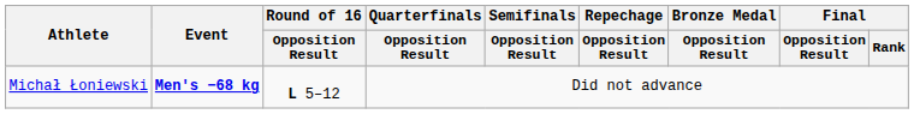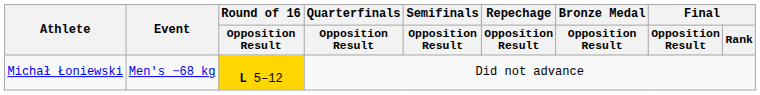 <table class="wikitable" style="font-size:90%">
 <tr>
 <th rowspan="2">Athlete</th>
 <th rowspan="2">Event</th>
 <th>Round of 16</th>
 <th>Quarterfinals</th>
 <th>Semifinals</th>
 <th>Repechage</th>
 <th>Bronze Medal</th>
 <th colspan=2>Final</th>
 </tr>
 <tr style="font-size:95%">
 <th>Opposition<br>Result</th>
 <th>Opposition<br>Result</th>
 <th>Opposition<br>Result</th>
 <th>Opposition<br>Result</th>
 <th>Opposition<br>Result</th>
 <th>Opposition<br>Result</th>
 <th>Rank</th>
 </tr>
 <tr align=center>
 <td align=left><a href='#'>Michał Łoniewski</a></td>
-<td align=left><strong><a href='#'>Men's −68 kg</a></strong></td>
-<td><br><strong>L</strong> 5–12</td>
+<td align=left><a href='#'>Men's −68 kg</a></td>
+<td style="background: gold;"><br><strong>L</strong> 5–12</td>
 <td colspan=6>Did not advance</td>
 </tr>
 </table>
